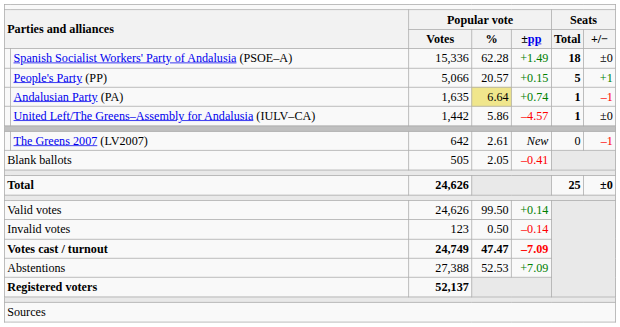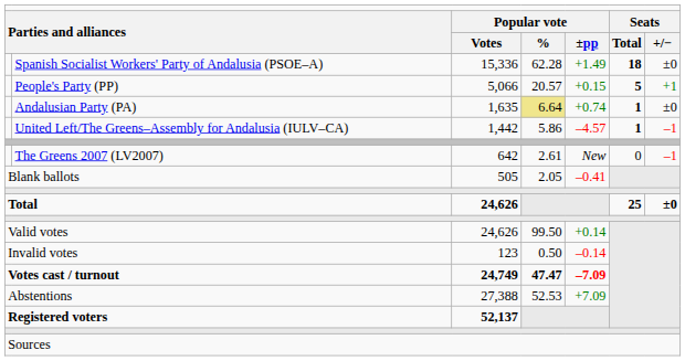 <table class="wikitable" style="text-align:right;">
 <tr>
 <td colspan="7"></td>
 </tr>
 <tr>
 <th style="text-align:left;" rowspan="2" colspan="2" width="525">Parties and alliances</th>
 <th colspan="3">Popular vote</th>
 <th colspan="2">Seats</th>
 </tr>
 <tr>
 <th width="75">Votes</th>
 <th width="45">%</th>
 <th width="45">±<a href='#'>pp</a></th>
 <th width="35">Total</th>
 <th width="35">+/−</th>
 </tr>
 <tr>
 <td width="1" style="color:inherit;background:"></td>
 <td align="left"><a href='#'>Spanish Socialist Workers' Party of Andalusia</a> (PSOE–A)</td>
 <td>15,336</td>
 <td>62.28</td>
 <td style="color:green;">+1.49</td>
 <td><strong>18</strong></td>
 <td>±0</td>
 </tr>
 <tr>
 <td style="color:inherit;background:"></td>
 <td align="left"><a href='#'>People's Party</a> (PP)</td>
 <td>5,066</td>
 <td>20.57</td>
 <td style="color:green;">+0.15</td>
 <td><strong>5</strong></td>
 <td style="color:green;">+1</td>
 </tr>
 <tr>
 <td style="color:inherit;background:"></td>
 <td align="left"><a href='#'>Andalusian Party</a> (PA)</td>
 <td>1,635</td>
 <td style="background: khaki;">6.64</td>
 <td style="color:green;">+0.74</td>
 <td><strong>1</strong></td>
-<td style="color:red;">–1</td>
+<td>±0</td>
 </tr>
 <tr>
 <td style="color:inherit;background:"></td>
 <td align="left"><a href='#'>United Left/The Greens–Assembly for Andalusia</a> (IULV–CA)</td>
 <td>1,442</td>
 <td>5.86</td>
 <td style="color:red;">–4.57</td>
 <td><strong>1</strong></td>
-<td>±0</td>
+<td style="color:red;">–1</td>
 </tr>
 <tr>
 <td colspan="7" bgcolor="#C0C0C0"></td>
 </tr>
 <tr>
 <td style="color:inherit;background:"></td>
 <td align="left"><a href='#'>The Greens 2007</a> (LV2007)</td>
 <td>642</td>
 <td>2.61</td>
 <td><em>New</em></td>
 <td>0</td>
 <td style="color:red;">–1</td>
 </tr>
 <tr>
 <td align="left" colspan="2">Blank ballots</td>
 <td>505</td>
 <td>2.05</td>
 <td style="color:red;">–0.41</td>
 <td bgcolor="#E9E9E9" colspan="2"></td>
 </tr>
 <tr>
 <td colspan="7" bgcolor="#E9E9E9"></td>
 </tr>
 <tr style="font-weight:bold;">
 <td align="left" colspan="2">Total</td>
 <td>24,626</td>
 <td bgcolor="#E9E9E9" colspan="2"></td>
 <td>25</td>
 <td>±0</td>
 </tr>
 <tr>
 <td colspan="7" bgcolor="#E9E9E9"></td>
 </tr>
 <tr>
 <td align="left" colspan="2">Valid votes</td>
 <td>24,626</td>
 <td>99.50</td>
 <td style="color:green;">+0.14</td>
 <td bgcolor="#E9E9E9" colspan="2" rowspan="5"></td>
 </tr>
 <tr>
 <td align="left" colspan="2">Invalid votes</td>
 <td>123</td>
 <td>0.50</td>
 <td style="color:red;">–0.14</td>
 </tr>
 <tr style="font-weight:bold;">
 <td align="left" colspan="2">Votes cast / turnout</td>
 <td>24,749</td>
 <td>47.47</td>
 <td style="color:red;">–7.09</td>
 </tr>
 <tr>
 <td align="left" colspan="2">Abstentions</td>
 <td>27,388</td>
 <td>52.53</td>
 <td style="color:green;">+7.09</td>
 </tr>
 <tr style="font-weight:bold;">
 <td align="left" colspan="2">Registered voters</td>
 <td>52,137</td>
 <td bgcolor="#E9E9E9" colspan="2"></td>
 </tr>
 <tr>
 <td colspan="7" bgcolor="#E9E9E9"></td>
 </tr>
 <tr>
 <td align="left" colspan="7">Sources</td>
 </tr>
 </table>
